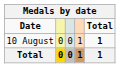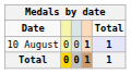 <table class="wikitable" style="font-size:85%">
 <tr bgcolor="#efefef">
 <th colspan=6>Medals by date</th>
 </tr>
 <tr align=center>
 <td><strong>Date</strong></td>
 <td bgcolor=#f7f6a8></td>
 <td bgcolor=#dce5e5></td>
 <td bgcolor=#ffdab9></td>
 <td><strong>Total</strong></td>
 </tr>
 <tr align=center>
 <td>10 August</td>
 <td style="background:#F7F6A8;">0</td>
 <td style="background:#DCE5E5;">0</td>
-<td style="background:#FFDAB9;">1</td>
-<td><strong>1</strong></td>
+<td style="background:#FFDAB9;"><strong>1</strong></td>
+<td style="background: lavender;"><strong>1</strong></td>
 </tr>
 <tr align=center>
 <th><strong>Total</strong></th>
 <th style="background:gold;"><strong>0</strong></th>
 <th style="background:silver;"><strong>0</strong></th>
 <th style="background:#c96;"><strong>1</strong></th>
 <th>1</th>
 </tr>
 </table>
